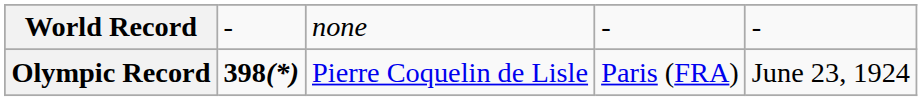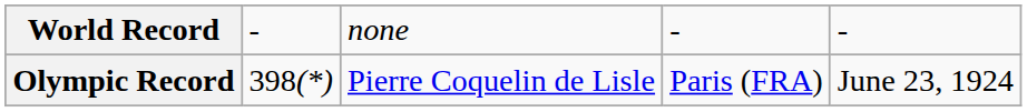 <table class="wikitable">
 <tr>
 <th>World Record</th>
 <td>-</td>
 <td><em>none</em></td>
 <td>-</td>
 <td>-</td>
 </tr>
 <tr>
 <th>Olympic Record</th>
-<td><strong>398<em>(*)</em></strong></td>
+<td>398<em>(*)</em></td>
 <td> <a href='#'>Pierre Coquelin de Lisle</a></td>
 <td><a href='#'>Paris</a> (<a href='#'>FRA</a>)</td>
 <td>June 23, 1924</td>
 </tr>
 </table>
